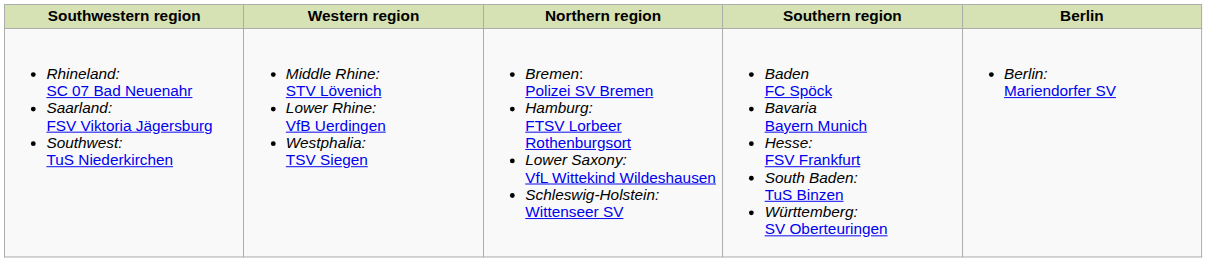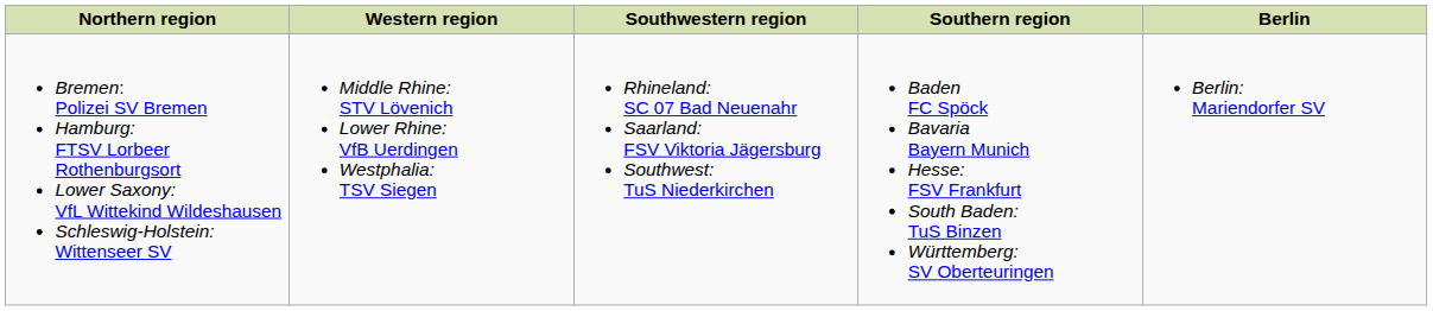 <table class="wikitable">
 <tr valign="top" style="background-color: #d6e2b3;">
+<td style="width: 20%; text-align:center;"><strong>Northern region</strong></td>
+<td style="width: 20%; text-align:center;"><strong>Western region</strong></td>
 <td style="width: 20%; text-align:center;"><strong>Southwestern region</strong></td>
-<td style="width: 20%; text-align:center;"><strong>Western region</strong></td>
-<td style="width: 20%; text-align:center;"><strong>Northern region</strong></td>
 <td style="width: 20%; text-align:center;"><strong>Southern region</strong></td>
 <td style="width: 20%; text-align:center;"><strong>Berlin</strong></td>
 </tr>
 <tr valign="top">
+<td><br><ul><li><em>Bremen</em>:<br><a href='#'>Polizei SV Bremen</a></li><li><em>Hamburg:</em><br><a href='#'>FTSV Lorbeer Rothenburgsort</a></li><li><em>Lower Saxony:</em><br><a href='#'>VfL Wittekind Wildeshausen</a></li><li><em>Schleswig-Holstein:</em><br><a href='#'>Wittenseer SV</a></li></ul></td>
+<td><br><ul><li><em>Middle Rhine:</em><br><a href='#'>STV Lövenich</a></li><li><em>Lower Rhine:</em><br><a href='#'>VfB Uerdingen</a></li><li><em>Westphalia:</em><br><a href='#'>TSV Siegen</a></li></ul></td>
 <td><br><ul><li><em>Rhineland:</em><br><a href='#'>SC 07 Bad Neuenahr</a></li><li><em>Saarland:</em> <br><a href='#'>FSV Viktoria Jägersburg</a></li><li><em>Southwest:</em><br><a href='#'>TuS Niederkirchen</a></li></ul></td>
-<td><br><ul><li><em>Middle Rhine:</em><br><a href='#'>STV Lövenich</a></li><li><em>Lower Rhine:</em><br><a href='#'>VfB Uerdingen</a></li><li><em>Westphalia:</em><br><a href='#'>TSV Siegen</a></li></ul></td>
-<td><br><ul><li><em>Bremen</em>:<br><a href='#'>Polizei SV Bremen</a></li><li><em>Hamburg:</em><br><a href='#'>FTSV Lorbeer Rothenburgsort</a></li><li><em>Lower Saxony:</em><br><a href='#'>VfL Wittekind Wildeshausen</a></li><li><em>Schleswig-Holstein:</em><br><a href='#'>Wittenseer SV</a></li></ul></td>
 <td><br><ul><li><em>Baden</em><br><a href='#'>FC Spöck</a></li><li><em>Bavaria</em><br><a href='#'>Bayern Munich</a></li><li><em>Hesse:</em><br><a href='#'>FSV Frankfurt</a></li><li><em>South Baden:</em><br><a href='#'>TuS Binzen</a></li><li><em>Württemberg:</em><br><a href='#'>SV Oberteuringen</a></li></ul></td>
 <td><br><ul><li><em>Berlin:</em><br><a href='#'>Mariendorfer SV</a></li></ul></td>
 </tr>
 </table>
